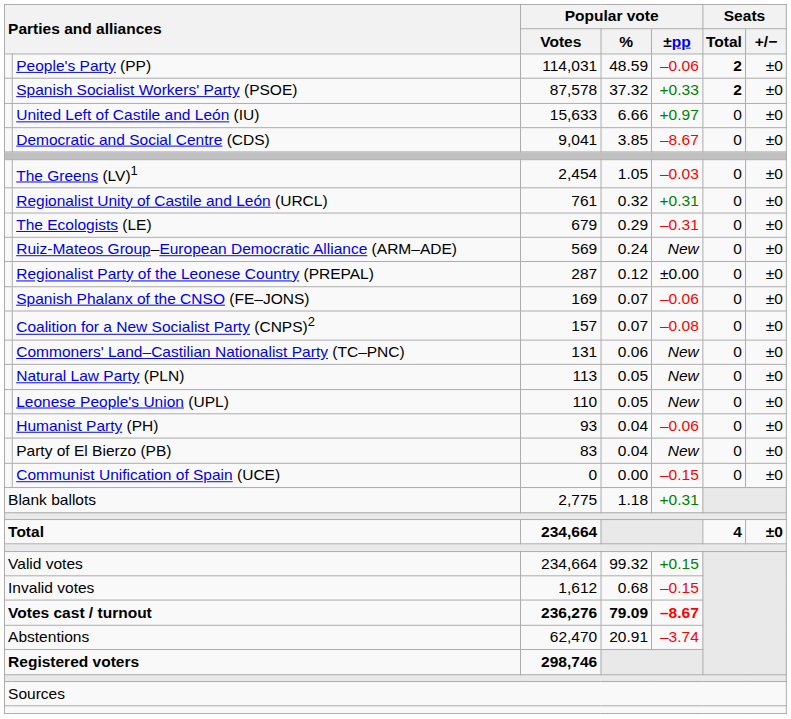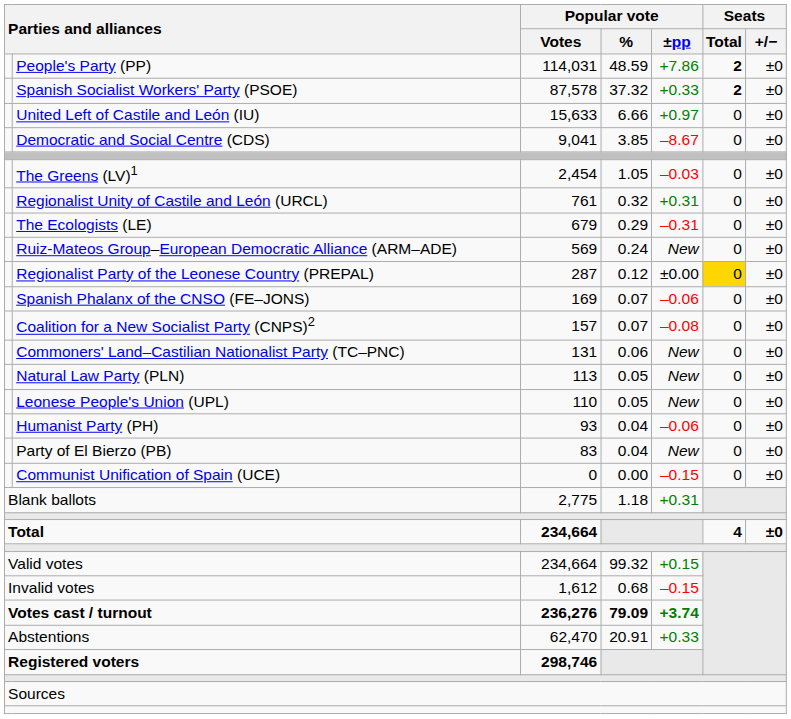 <table class="wikitable" style="text-align:right;">
 <tr>
 <th style="text-align:left;" rowspan="2" colspan="2" width="525">Parties and alliances</th>
 <th colspan="3">Popular vote</th>
 <th colspan="2">Seats</th>
 </tr>
 <tr>
 <th width="75">Votes</th>
 <th width="45">%</th>
 <th width="45">±<a href='#'>pp</a></th>
 <th width="35">Total</th>
 <th width="35">+/−</th>
 </tr>
 <tr>
 <td width="1" style="color:inherit;background:"></td>
 <td align="left"><a href='#'>People's Party</a> (PP)</td>
 <td>114,031</td>
 <td>48.59</td>
-<td style="color:red;">–0.06</td>
+<td style="color:green;">+7.86</td>
 <td><strong>2</strong></td>
 <td>±0</td>
 </tr>
 <tr>
 <td style="color:inherit;background:"></td>
 <td align="left"><a href='#'>Spanish Socialist Workers' Party</a> (PSOE)</td>
 <td>87,578</td>
 <td>37.32</td>
 <td style="color:green;">+0.33</td>
 <td><strong>2</strong></td>
 <td>±0</td>
 </tr>
 <tr>
 <td style="color:inherit;background:"></td>
 <td align="left"><a href='#'>United Left of Castile and León</a> (IU)</td>
 <td>15,633</td>
 <td>6.66</td>
 <td style="color:green;">+0.97</td>
 <td>0</td>
 <td>±0</td>
 </tr>
 <tr>
 <td style="color:inherit;background:"></td>
 <td align="left"><a href='#'>Democratic and Social Centre</a> (CDS)</td>
 <td>9,041</td>
 <td>3.85</td>
 <td style="color:red;">–8.67</td>
 <td>0</td>
 <td>±0</td>
 </tr>
 <tr>
 <td colspan="7" bgcolor="#C0C0C0"></td>
 </tr>
 <tr>
 <td style="color:inherit;background:"></td>
 <td align="left"><a href='#'>The Greens</a> (LV)<sup>1</sup></td>
 <td>2,454</td>
 <td>1.05</td>
 <td style="color:red;">–0.03</td>
 <td>0</td>
 <td>±0</td>
 </tr>
 <tr>
 <td style="color:inherit;background:"></td>
 <td align="left"><a href='#'>Regionalist Unity of Castile and León</a> (URCL)</td>
 <td>761</td>
 <td>0.32</td>
 <td style="color:green;">+0.31</td>
 <td>0</td>
 <td>±0</td>
 </tr>
 <tr>
 <td style="color:inherit;background:"></td>
 <td align="left"><a href='#'>The Ecologists</a> (LE)</td>
 <td>679</td>
 <td>0.29</td>
 <td style="color:red;">–0.31</td>
 <td>0</td>
 <td>±0</td>
 </tr>
 <tr>
 <td style="color:inherit;background:"></td>
 <td align="left"><a href='#'>Ruiz-Mateos Group</a>–<a href='#'>European Democratic Alliance</a> (ARM–ADE)</td>
 <td>569</td>
 <td>0.24</td>
 <td><em>New</em></td>
 <td>0</td>
 <td>±0</td>
 </tr>
 <tr>
 <td style="color:inherit;background:"></td>
 <td align="left"><a href='#'>Regionalist Party of the Leonese Country</a> (PREPAL)</td>
 <td>287</td>
 <td>0.12</td>
 <td>±0.00</td>
-<td>0</td>
+<td style="background: gold;">0</td>
 <td>±0</td>
 </tr>
 <tr>
 <td style="color:inherit;background:"></td>
 <td align="left"><a href='#'>Spanish Phalanx of the CNSO</a> (FE–JONS)</td>
 <td>169</td>
 <td>0.07</td>
 <td style="color:red;">–0.06</td>
 <td>0</td>
 <td>±0</td>
 </tr>
 <tr>
 <td style="color:inherit;background:"></td>
 <td align="left"><a href='#'>Coalition for a New Socialist Party</a> (CNPS)<sup>2</sup></td>
 <td>157</td>
 <td>0.07</td>
 <td style="color:red;">–0.08</td>
 <td>0</td>
 <td>±0</td>
 </tr>
 <tr>
 <td style="color:inherit;background:"></td>
 <td align="left"><a href='#'>Commoners' Land–Castilian Nationalist Party</a> (TC–PNC)</td>
 <td>131</td>
 <td>0.06</td>
 <td><em>New</em></td>
 <td>0</td>
 <td>±0</td>
 </tr>
 <tr>
 <td style="color:inherit;background:"></td>
 <td align="left"><a href='#'>Natural Law Party</a> (PLN)</td>
 <td>113</td>
 <td>0.05</td>
 <td><em>New</em></td>
 <td>0</td>
 <td>±0</td>
 </tr>
 <tr>
 <td style="color:inherit;background:"></td>
 <td align="left"><a href='#'>Leonese People's Union</a> (UPL)</td>
 <td>110</td>
 <td>0.05</td>
 <td><em>New</em></td>
 <td>0</td>
 <td>±0</td>
 </tr>
 <tr>
 <td style="color:inherit;background:"></td>
 <td align="left"><a href='#'>Humanist Party</a> (PH)</td>
 <td>93</td>
 <td>0.04</td>
 <td style="color:red;">–0.06</td>
 <td>0</td>
 <td>±0</td>
 </tr>
 <tr>
 <td style="color:inherit;background:"></td>
 <td align="left">Party of El Bierzo (PB)</td>
 <td>83</td>
 <td>0.04</td>
 <td><em>New</em></td>
 <td>0</td>
 <td>±0</td>
 </tr>
 <tr>
 <td style="color:inherit;background:"></td>
 <td align="left"><a href='#'>Communist Unification of Spain</a> (UCE)</td>
 <td>0</td>
 <td>0.00</td>
 <td style="color:red;">–0.15</td>
 <td>0</td>
 <td>±0</td>
 </tr>
 <tr>
 <td align="left" colspan="2">Blank ballots</td>
 <td>2,775</td>
 <td>1.18</td>
 <td style="color:green;">+0.31</td>
 <td bgcolor="#E9E9E9" colspan="2"></td>
 </tr>
 <tr>
 <td colspan="7" bgcolor="#E9E9E9"></td>
 </tr>
 <tr style="font-weight:bold;">
 <td align="left" colspan="2">Total</td>
 <td>234,664</td>
 <td bgcolor="#E9E9E9" colspan="2"></td>
 <td>4</td>
 <td>±0</td>
 </tr>
 <tr>
 <td colspan="7" bgcolor="#E9E9E9"></td>
 </tr>
 <tr>
 <td align="left" colspan="2">Valid votes</td>
 <td>234,664</td>
 <td>99.32</td>
 <td style="color:green;">+0.15</td>
 <td bgcolor="#E9E9E9" colspan="2" rowspan="5"></td>
 </tr>
 <tr>
 <td align="left" colspan="2">Invalid votes</td>
 <td>1,612</td>
 <td>0.68</td>
 <td style="color:red;">–0.15</td>
 </tr>
 <tr style="font-weight:bold;">
 <td align="left" colspan="2">Votes cast / turnout</td>
 <td>236,276</td>
 <td>79.09</td>
-<td style="color:red;">–8.67</td>
+<td style="color:green;">+3.74</td>
 </tr>
 <tr>
 <td align="left" colspan="2">Abstentions</td>
 <td>62,470</td>
 <td>20.91</td>
-<td style="color:red;">–3.74</td>
+<td style="color:green;">+0.33</td>
 </tr>
 <tr style="font-weight:bold;">
 <td align="left" colspan="2">Registered voters</td>
 <td>298,746</td>
 <td bgcolor="#E9E9E9" colspan="2"></td>
 </tr>
 <tr>
 <td colspan="7" bgcolor="#E9E9E9"></td>
 </tr>
 <tr>
 <td align="left" colspan="7">Sources</td>
 </tr>
 <tr>
 <td colspan="7" style="text-align:left; max-width:790px;"></td>
 </tr>
 </table>
